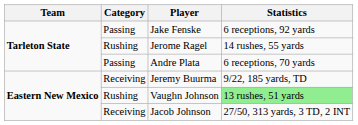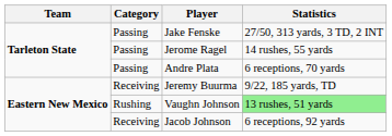 <table class="wikitable" style="float: left;">
 <tr>
 <th>Team</th>
 <th>Category</th>
 <th>Player</th>
 <th>Statistics</th>
 </tr>
 <tr>
 <td rowspan=3><strong>Tarleton State</strong></td>
 <td>Passing</td>
 <td>Jake Fenske</td>
-<td>6 receptions, 92 yards</td>
+<td>27/50, 313 yards, 3 TD, 2 INT</td>
 </tr>
 <tr>
-<td>Rushing</td>
+<td>Passing</td>
 <td>Jerome Ragel</td>
 <td>14 rushes, 55 yards</td>
 </tr>
 <tr>
 <td>Passing</td>
 <td>Andre Plata</td>
 <td>6 receptions, 70 yards</td>
 </tr>
 <tr>
 <td rowspan=3><strong>Eastern New Mexico</strong></td>
 <td>Receiving</td>
 <td>Jeremy Buurma</td>
 <td>9/22, 185 yards, TD</td>
 </tr>
 <tr>
 <td>Rushing</td>
 <td>Vaughn Johnson</td>
 <td style="background: lightgreen;">13 rushes, 51 yards</td>
 </tr>
 <tr>
 <td>Receiving</td>
 <td>Jacob Johnson</td>
-<td>27/50, 313 yards, 3 TD, 2 INT</td>
+<td>6 receptions, 92 yards</td>
 </tr>
 </table>
